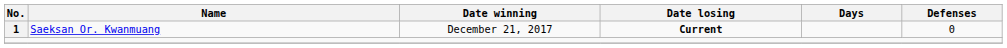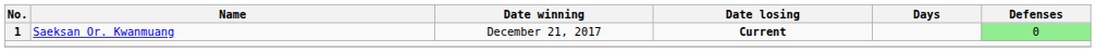 <table class="wikitable" width=100%>
 <tr>
 <th style="width:1%;">No.</th>
 <th style="width:37%;">Name</th>
 <th style="width:20%;">Date winning</th>
 <th style="width:20%;">Date losing</th>
 <th data-sort-type="number" style="width:10%;">Days</th>
 <th data-sort-type="number" style="width:10%;">Defenses</th>
 </tr>
 <tr align=center>
 <th>1</th>
 <td align=left> <a href='#'>Saeksan Or. Kwanmuang</a></td>
 <td>December 21, 2017</td>
 <td><strong>Current</strong></td>
 <td></td>
-<td>0</td>
+<td style="background: lightgreen;">0</td>
 </tr>
 <tr>
 <td colspan="6"></td>
 </tr>
 <tr>
 </tr>
 </table>
